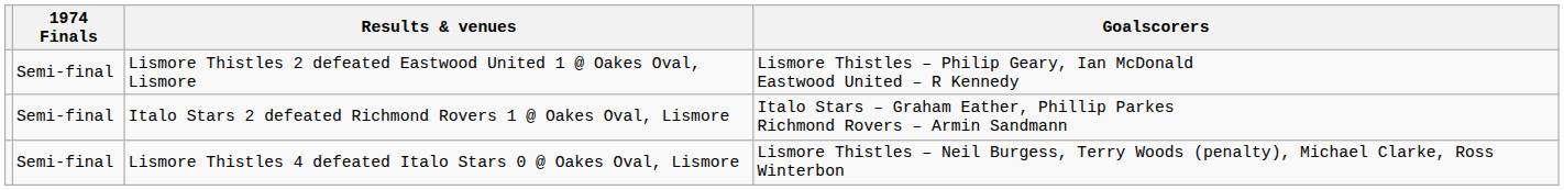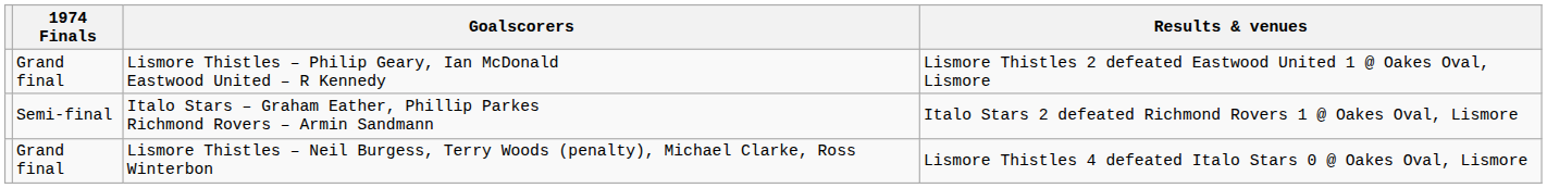 <table class="wikitable">
 <tr>
 <th></th>
 <th>1974 Finals</th>
+<th>Goalscorers</th>
 <th>Results & venues</th>
-<th>Goalscorers</th>
+</tr>
+<tr>
+<td></td>
+<td>Grand final</td>
+<td>Lismore Thistles – Philip Geary, Ian McDonald<br>Eastwood United – R Kennedy</td>
+<td>Lismore Thistles 2 defeated Eastwood United 1 @ Oakes Oval, Lismore</td>
 </tr>
 <tr>
 <td></td>
 <td>Semi-final</td>
-<td>Lismore Thistles 2 defeated Eastwood United 1 @ Oakes Oval, Lismore</td>
-<td>Lismore Thistles – Philip Geary, Ian McDonald<br>Eastwood United – R Kennedy</td>
+<td>Italo Stars – Graham Eather, Phillip Parkes<br>Richmond Rovers – Armin Sandmann</td>
+<td>Italo Stars 2 defeated Richmond Rovers 1 @ Oakes Oval, Lismore</td>
 </tr>
 <tr>
 <td></td>
-<td>Semi-final</td>
-<td>Italo Stars 2 defeated Richmond Rovers 1 @ Oakes Oval, Lismore</td>
-<td>Italo Stars – Graham Eather, Phillip Parkes<br>Richmond Rovers – Armin Sandmann</td>
-</tr>
-<tr>
-<td></td>
-<td>Semi-final</td>
+<td>Grand final</td>
+<td>Lismore Thistles – Neil Burgess, Terry Woods (penalty), Michael Clarke, Ross Winterbon</td>
 <td>Lismore Thistles 4 defeated Italo Stars 0 @ Oakes Oval, Lismore</td>
-<td>Lismore Thistles – Neil Burgess, Terry Woods (penalty), Michael Clarke, Ross Winterbon</td>
 </tr>
 </table>
